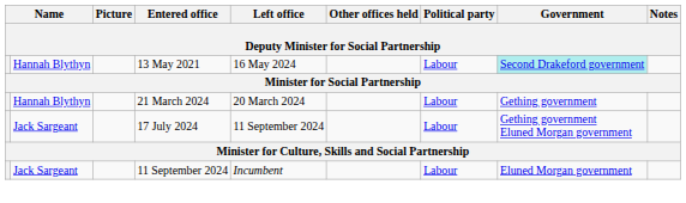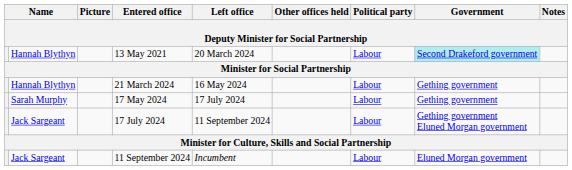 <table class="wikitable">
 <tr>
 <th colspan="2">Name</th>
 <th>Picture</th>
 <th>Entered office</th>
 <th>Left office</th>
 <th>Other offices held</th>
 <th>Political party</th>
 <th>Government</th>
 <th>Notes</th>
 </tr>
 <tr>
 <th colspan="9"><br>Deputy Minister for Social Partnership</th>
 </tr>
 <tr>
 <th style="background-color:"></th>
 <td><a href='#'>Hannah Blythyn</a></td>
 <td></td>
 <td>13 May 2021</td>
-<td>16 May 2024</td>
+<td>20 March 2024</td>
 <td></td>
 <td><a href='#'>Labour</a></td>
 <td style="background: paleturquoise;"><a href='#'>Second Drakeford government</a></td>
 <td></td>
 </tr>
 <tr>
 <th colspan="9">Minister for Social Partnership</th>
 </tr>
 <tr>
 <th style="background-color:"></th>
 <td><a href='#'>Hannah Blythyn</a></td>
 <td></td>
 <td>21 March 2024</td>
-<td>20 March 2024</td>
+<td>16 May 2024</td>
+<td></td>
+<td><a href='#'>Labour</a></td>
+<td><a href='#'>Gething government</a></td>
+<td></td>
+</tr>
+<tr>
+<th style="background-color:"></th>
+<td><a href='#'>Sarah Murphy</a></td>
+<td></td>
+<td>17 May 2024</td>
+<td>17 July 2024</td>
 <td></td>
 <td><a href='#'>Labour</a></td>
 <td><a href='#'>Gething government</a></td>
 <td></td>
 </tr>
 <tr>
 <th style="background-color:"></th>
 <td><a href='#'>Jack Sargeant</a></td>
 <td></td>
 <td>17 July 2024</td>
 <td>11 September 2024</td>
 <td></td>
 <td><a href='#'>Labour</a></td>
 <td><a href='#'>Gething government</a><br><a href='#'>Eluned Morgan government</a></td>
 <td></td>
 </tr>
 <tr>
 <th colspan="9">Minister for Culture, Skills and Social Partnership</th>
 </tr>
 <tr>
 <th style="background-color:"></th>
 <td><a href='#'>Jack Sargeant</a></td>
 <td></td>
 <td>11 September 2024</td>
 <td><em>Incumbent</em></td>
 <td></td>
 <td><a href='#'>Labour</a></td>
 <td><a href='#'>Eluned Morgan government</a></td>
 <td></td>
 </tr>
 </table>
